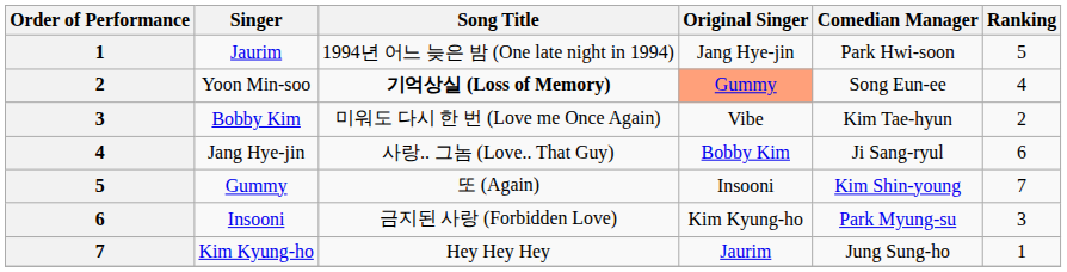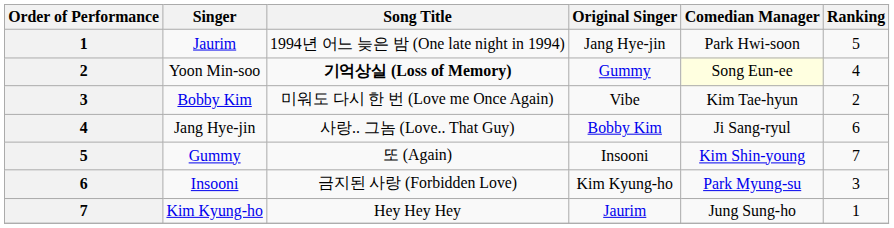 <table class="wikitable">
 <tr>
 <th>Order of Performance</th>
 <th>Singer</th>
 <th>Song Title</th>
 <th>Original Singer</th>
 <th>Comedian Manager</th>
 <th>Ranking</th>
 </tr>
 <tr align="center">
 <th>1</th>
 <td><a href='#'>Jaurim</a></td>
 <td>1994년 어느 늦은 밤 (One late night in 1994)</td>
 <td>Jang Hye-jin</td>
 <td>Park Hwi-soon</td>
 <td>5</td>
 </tr>
 <tr align="center">
 <th>2</th>
 <td>Yoon Min-soo</td>
 <td><strong>기억상실 (Loss of Memory)</strong></td>
-<td style="background: lightsalmon;"><a href='#'>Gummy</a></td>
-<td>Song Eun-ee</td>
+<td><a href='#'>Gummy</a></td>
+<td style="background: lightyellow;">Song Eun-ee</td>
 <td>4</td>
 </tr>
 <tr align="center">
 <th>3</th>
 <td><a href='#'>Bobby Kim</a></td>
 <td>미워도 다시 한 번 (Love me Once Again)</td>
 <td>Vibe</td>
 <td>Kim Tae-hyun</td>
 <td>2</td>
 </tr>
 <tr align="center">
 <th>4</th>
 <td>Jang Hye-jin</td>
 <td>사랑.. 그놈 (Love.. That Guy)</td>
 <td><a href='#'>Bobby Kim</a></td>
 <td>Ji Sang-ryul</td>
 <td>6</td>
 </tr>
 <tr align="center">
 <th>5</th>
 <td><a href='#'>Gummy</a></td>
 <td>또 (Again)</td>
 <td>Insooni</td>
 <td><a href='#'>Kim Shin-young</a></td>
 <td>7</td>
 </tr>
 <tr align="center">
 <th>6</th>
 <td><a href='#'>Insooni</a></td>
 <td>금지된 사랑 (Forbidden Love)</td>
 <td>Kim Kyung-ho</td>
 <td><a href='#'>Park Myung-su</a></td>
 <td>3</td>
 </tr>
 <tr align="center">
 <th>7</th>
 <td><a href='#'>Kim Kyung-ho</a></td>
 <td>Hey Hey Hey</td>
 <td><a href='#'>Jaurim</a></td>
 <td>Jung Sung-ho</td>
 <td>1</td>
 </tr>
 <tr>
 </tr>
 </table>
